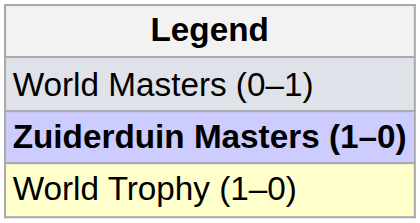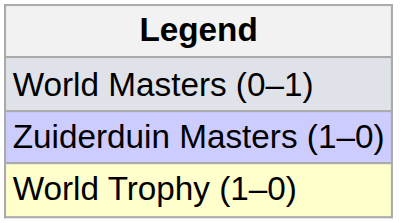 <table class="wikitable">
 <tr>
 <th>Legend</th>
 </tr>
 <tr style="background:#dfe2e9;">
 <td>World Masters (0–1)</td>
 </tr>
 <tr style="background:#ccf;">
-<td><strong>Zuiderduin Masters (1–0)</strong></td>
+<td>Zuiderduin Masters (1–0)</td>
 </tr>
 <tr style="background:#ffc;">
 <td>World Trophy (1–0)</td>
 </tr>
 </table>
